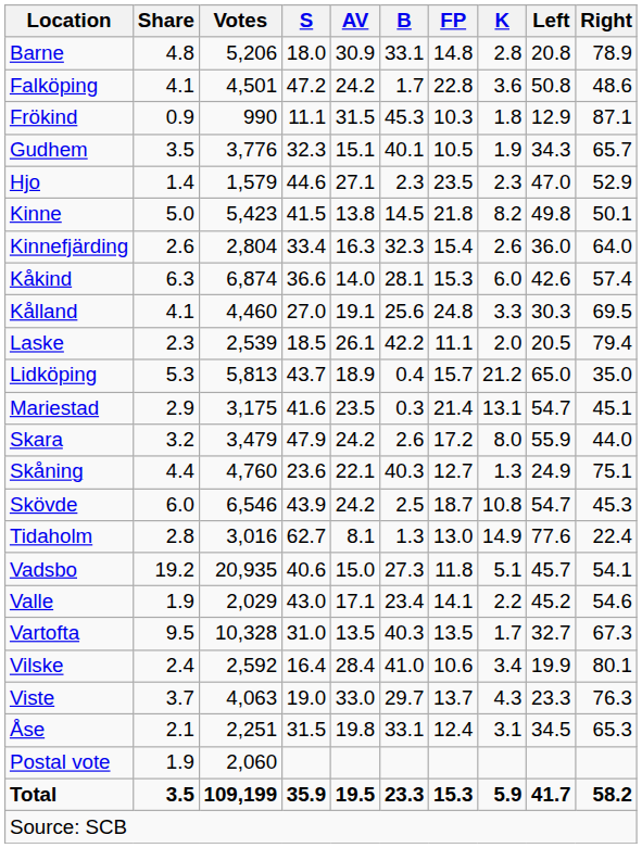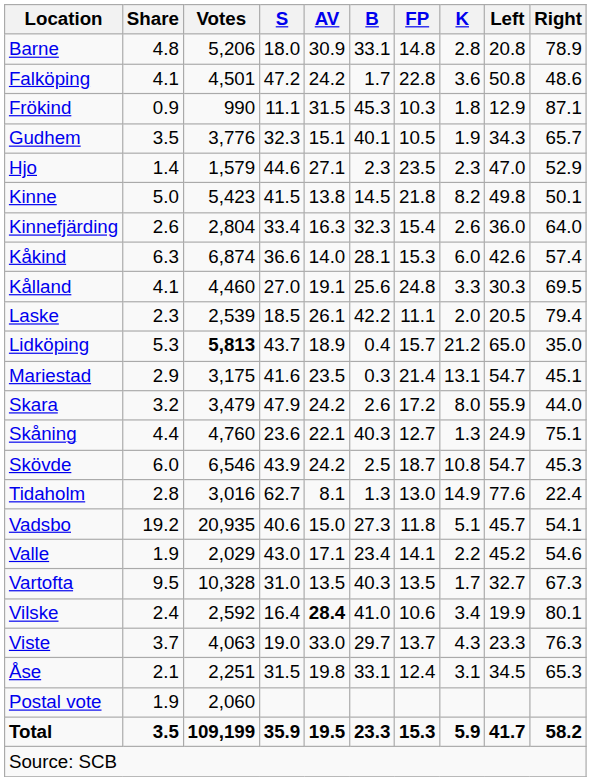 <table class="wikitable sortable" style=text-align:right>
 <tr>
 <th>Location</th>
 <th>Share</th>
 <th>Votes</th>
 <th><a href='#'>S</a></th>
 <th><a href='#'>AV</a></th>
 <th><a href='#'>B</a></th>
 <th><a href='#'>FP</a></th>
 <th><a href='#'>K</a></th>
 <th>Left</th>
 <th>Right</th>
 </tr>
 <tr>
 <td align=left><a href='#'>Barne</a></td>
 <td>4.8</td>
 <td>5,206</td>
 <td>18.0</td>
 <td>30.9</td>
 <td>33.1</td>
 <td>14.8</td>
 <td>2.8</td>
 <td>20.8</td>
 <td>78.9</td>
 </tr>
 <tr>
 <td align=left><a href='#'>Falköping</a></td>
 <td>4.1</td>
 <td>4,501</td>
 <td>47.2</td>
 <td>24.2</td>
 <td>1.7</td>
 <td>22.8</td>
 <td>3.6</td>
 <td>50.8</td>
 <td>48.6</td>
 </tr>
 <tr>
 <td align=left><a href='#'>Frökind</a></td>
 <td>0.9</td>
 <td>990</td>
 <td>11.1</td>
 <td>31.5</td>
 <td>45.3</td>
 <td>10.3</td>
 <td>1.8</td>
 <td>12.9</td>
 <td>87.1</td>
 </tr>
 <tr>
 <td align=left><a href='#'>Gudhem</a></td>
 <td>3.5</td>
 <td>3,776</td>
 <td>32.3</td>
 <td>15.1</td>
 <td>40.1</td>
 <td>10.5</td>
 <td>1.9</td>
 <td>34.3</td>
 <td>65.7</td>
 </tr>
 <tr>
 <td align=left><a href='#'>Hjo</a></td>
 <td>1.4</td>
 <td>1,579</td>
 <td>44.6</td>
 <td>27.1</td>
 <td>2.3</td>
 <td>23.5</td>
 <td>2.3</td>
 <td>47.0</td>
 <td>52.9</td>
 </tr>
 <tr>
 <td align=left><a href='#'>Kinne</a></td>
 <td>5.0</td>
 <td>5,423</td>
 <td>41.5</td>
 <td>13.8</td>
 <td>14.5</td>
 <td>21.8</td>
 <td>8.2</td>
 <td>49.8</td>
 <td>50.1</td>
 </tr>
 <tr>
 <td align=left><a href='#'>Kinnefjärding</a></td>
 <td>2.6</td>
 <td>2,804</td>
 <td>33.4</td>
 <td>16.3</td>
 <td>32.3</td>
 <td>15.4</td>
 <td>2.6</td>
 <td>36.0</td>
 <td>64.0</td>
 </tr>
 <tr>
 <td align=left><a href='#'>Kåkind</a></td>
 <td>6.3</td>
 <td>6,874</td>
 <td>36.6</td>
 <td>14.0</td>
 <td>28.1</td>
 <td>15.3</td>
 <td>6.0</td>
 <td>42.6</td>
 <td>57.4</td>
 </tr>
 <tr>
 <td align=left><a href='#'>Kålland</a></td>
 <td>4.1</td>
 <td>4,460</td>
 <td>27.0</td>
 <td>19.1</td>
 <td>25.6</td>
 <td>24.8</td>
 <td>3.3</td>
 <td>30.3</td>
 <td>69.5</td>
 </tr>
 <tr>
 <td align=left><a href='#'>Laske</a></td>
 <td>2.3</td>
 <td>2,539</td>
 <td>18.5</td>
 <td>26.1</td>
 <td>42.2</td>
 <td>11.1</td>
 <td>2.0</td>
 <td>20.5</td>
 <td>79.4</td>
 </tr>
 <tr>
 <td align=left><a href='#'>Lidköping</a></td>
 <td>5.3</td>
-<td>5,813</td>
+<td><strong>5,813</strong></td>
 <td>43.7</td>
 <td>18.9</td>
 <td>0.4</td>
 <td>15.7</td>
 <td>21.2</td>
 <td>65.0</td>
 <td>35.0</td>
 </tr>
 <tr>
 <td align=left><a href='#'>Mariestad</a></td>
 <td>2.9</td>
 <td>3,175</td>
 <td>41.6</td>
 <td>23.5</td>
 <td>0.3</td>
 <td>21.4</td>
 <td>13.1</td>
 <td>54.7</td>
 <td>45.1</td>
 </tr>
 <tr>
 <td align=left><a href='#'>Skara</a></td>
 <td>3.2</td>
 <td>3,479</td>
 <td>47.9</td>
 <td>24.2</td>
 <td>2.6</td>
 <td>17.2</td>
 <td>8.0</td>
 <td>55.9</td>
 <td>44.0</td>
 </tr>
 <tr>
 <td align=left><a href='#'>Skåning</a></td>
 <td>4.4</td>
 <td>4,760</td>
 <td>23.6</td>
 <td>22.1</td>
 <td>40.3</td>
 <td>12.7</td>
 <td>1.3</td>
 <td>24.9</td>
 <td>75.1</td>
 </tr>
 <tr>
 <td align=left><a href='#'>Skövde</a></td>
 <td>6.0</td>
 <td>6,546</td>
 <td>43.9</td>
 <td>24.2</td>
 <td>2.5</td>
 <td>18.7</td>
 <td>10.8</td>
 <td>54.7</td>
 <td>45.3</td>
 </tr>
 <tr>
 <td align=left><a href='#'>Tidaholm</a></td>
 <td>2.8</td>
 <td>3,016</td>
 <td>62.7</td>
 <td>8.1</td>
 <td>1.3</td>
 <td>13.0</td>
 <td>14.9</td>
 <td>77.6</td>
 <td>22.4</td>
 </tr>
 <tr>
 <td align=left><a href='#'>Vadsbo</a></td>
 <td>19.2</td>
 <td>20,935</td>
 <td>40.6</td>
 <td>15.0</td>
 <td>27.3</td>
 <td>11.8</td>
 <td>5.1</td>
 <td>45.7</td>
 <td>54.1</td>
 </tr>
 <tr>
 <td align=left><a href='#'>Valle</a></td>
 <td>1.9</td>
 <td>2,029</td>
 <td>43.0</td>
 <td>17.1</td>
 <td>23.4</td>
 <td>14.1</td>
 <td>2.2</td>
 <td>45.2</td>
 <td>54.6</td>
 </tr>
 <tr>
 <td align=left><a href='#'>Vartofta</a></td>
 <td>9.5</td>
 <td>10,328</td>
 <td>31.0</td>
 <td>13.5</td>
 <td>40.3</td>
 <td>13.5</td>
 <td>1.7</td>
 <td>32.7</td>
 <td>67.3</td>
 </tr>
 <tr>
 <td align=left><a href='#'>Vilske</a></td>
 <td>2.4</td>
 <td>2,592</td>
 <td>16.4</td>
-<td>28.4</td>
+<td><strong>28.4</strong></td>
 <td>41.0</td>
 <td>10.6</td>
 <td>3.4</td>
 <td>19.9</td>
 <td>80.1</td>
 </tr>
 <tr>
 <td align=left><a href='#'>Viste</a></td>
 <td>3.7</td>
 <td>4,063</td>
 <td>19.0</td>
 <td>33.0</td>
 <td>29.7</td>
 <td>13.7</td>
 <td>4.3</td>
 <td>23.3</td>
 <td>76.3</td>
 </tr>
 <tr>
 <td align=left><a href='#'>Åse</a></td>
 <td>2.1</td>
 <td>2,251</td>
 <td>31.5</td>
 <td>19.8</td>
 <td>33.1</td>
 <td>12.4</td>
 <td>3.1</td>
 <td>34.5</td>
 <td>65.3</td>
 </tr>
 <tr>
 <td align=left><a href='#'>Postal vote</a></td>
 <td>1.9</td>
 <td>2,060</td>
 <td></td>
 <td></td>
 <td></td>
 <td></td>
 <td></td>
 <td></td>
 <td></td>
 </tr>
 <tr>
 <td align=left><strong>Total</strong></td>
 <td><strong>3.5</strong></td>
 <td><strong>109,199</strong></td>
 <td><strong>35.9</strong></td>
 <td><strong>19.5</strong></td>
 <td><strong>23.3</strong></td>
 <td><strong>15.3</strong></td>
 <td><strong>5.9</strong></td>
 <td><strong>41.7</strong></td>
 <td><strong>58.2</strong></td>
 </tr>
 <tr>
 <td align=left colspan=10>Source: SCB </td>
 </tr>
 </table>
